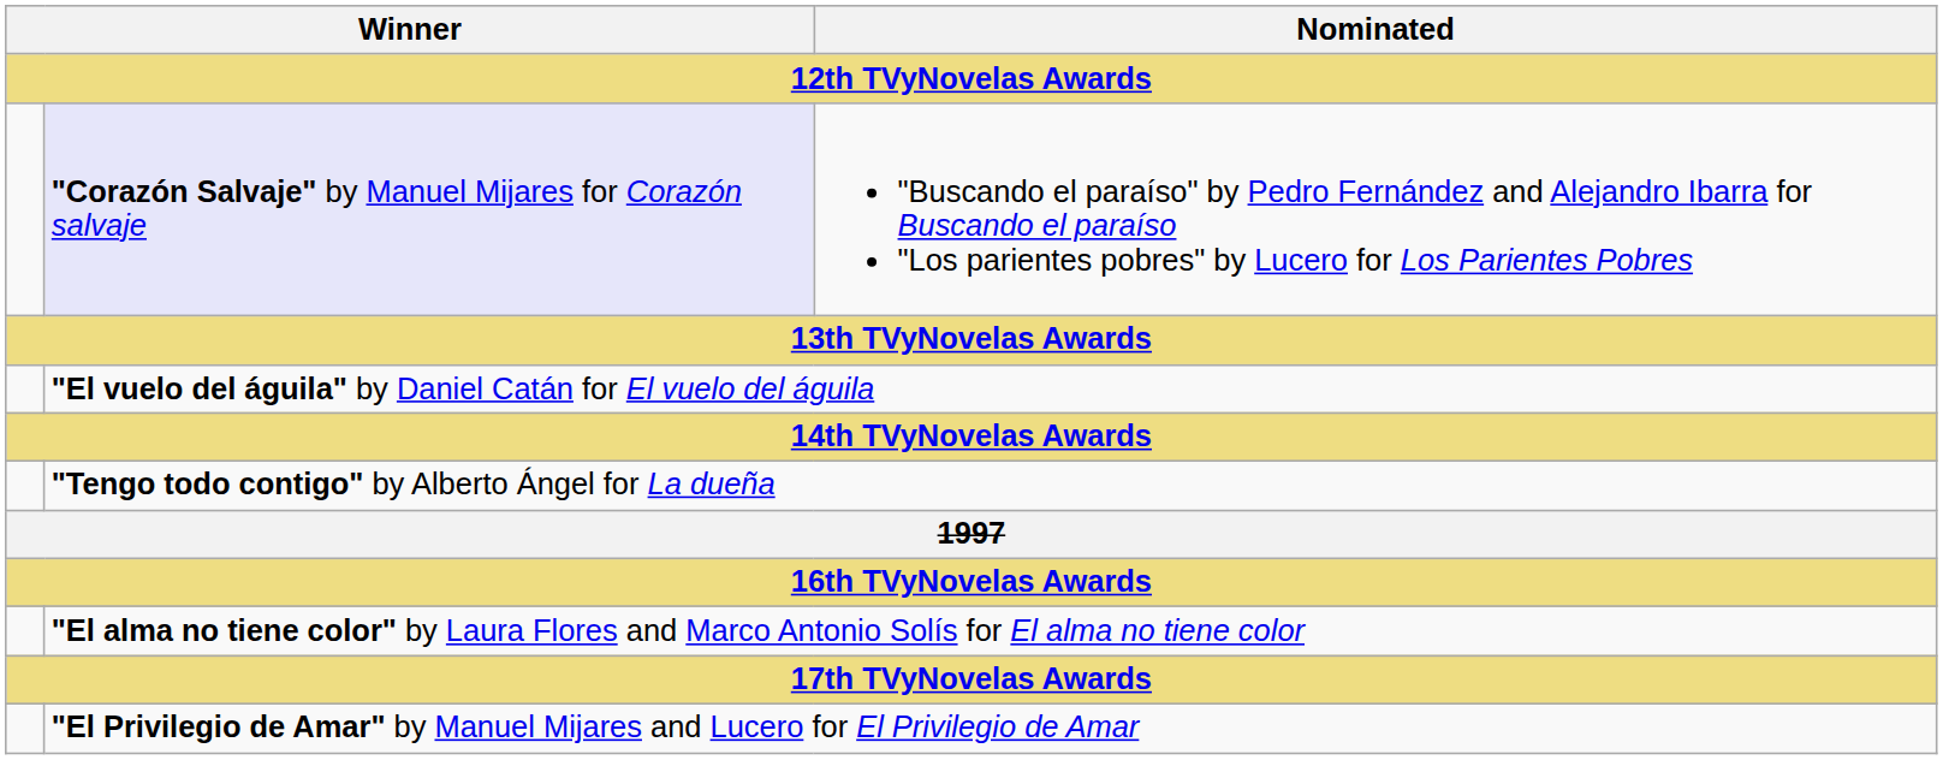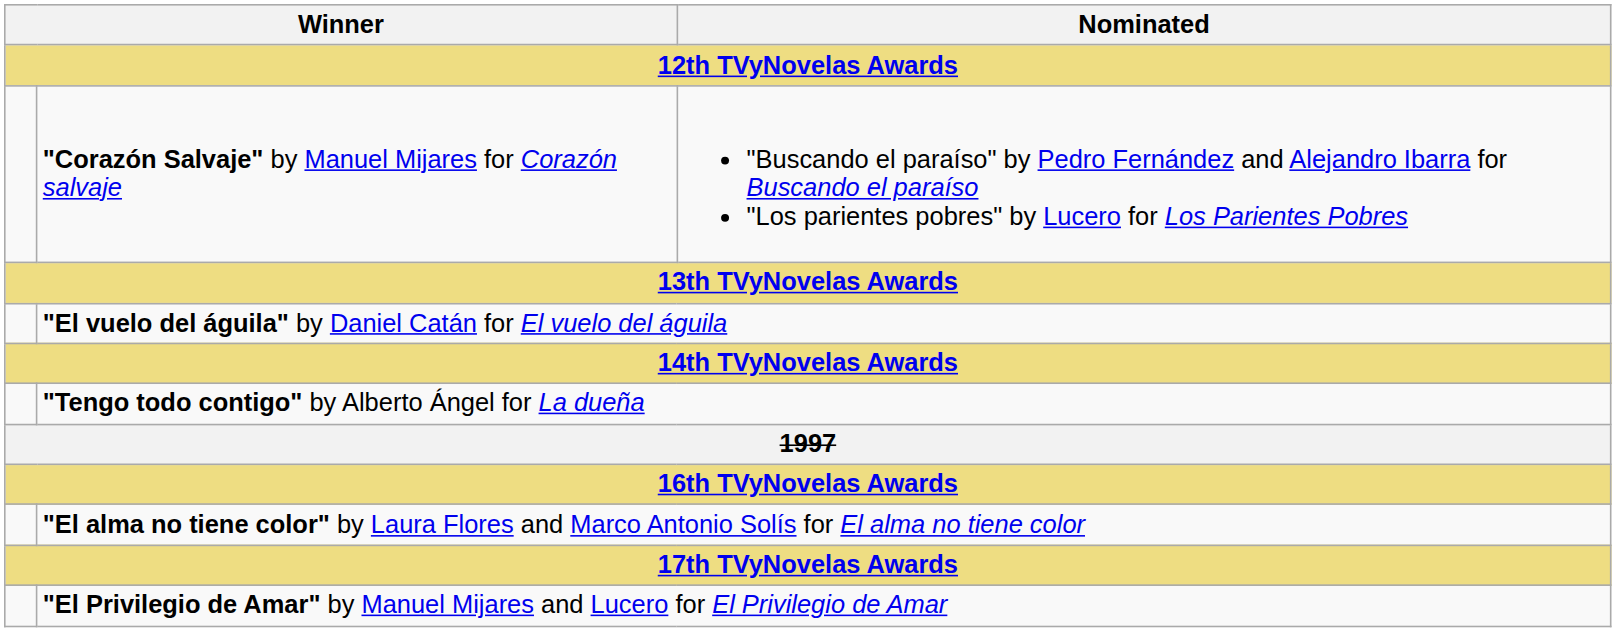 <table class="wikitable" width=80%>
 <tr align=center>
 <th width="150px;" colspan=2; align="center">Winner</th>
 <th width="580px;" align="center">Nominated</th>
 </tr>
 <tr>
 <th colspan=9 style="background:#EEDD82;"  align="center"><strong><a href='#'>12th TVyNovelas Awards</a></strong></th>
 </tr>
 <tr>
 <td width=2%></td>
-<td style="background: lavender;"><strong>"Corazón Salvaje"</strong> by <a href='#'>Manuel Mijares</a> for <em><a href='#'>Corazón salvaje</a></em></td>
+<td><strong>"Corazón Salvaje"</strong> by <a href='#'>Manuel Mijares</a> for <em><a href='#'>Corazón salvaje</a></em></td>
 <td><br><ul><li>"Buscando el paraíso" by <a href='#'>Pedro Fernández</a> and <a href='#'>Alejandro Ibarra</a> for <em><a href='#'>Buscando el paraíso</a></em></li><li>"Los parientes pobres" by <a href='#'>Lucero</a> for <em><a href='#'>Los Parientes Pobres</a></em></li></ul></td>
 </tr>
 <tr>
 <th colspan=9 style="background:#EEDD82;"  align="center"><strong><a href='#'>13th TVyNovelas Awards</a></strong></th>
 </tr>
 <tr>
 <td width=2%></td>
 <td colspan=2><strong>"El vuelo del águila"</strong> by <a href='#'>Daniel Catán</a> for <em><a href='#'>El vuelo del águila</a></em></td>
 </tr>
 <tr>
 <th colspan=9 style="background:#EEDD82;"  align="center"><strong><a href='#'>14th TVyNovelas Awards</a></strong></th>
 </tr>
 <tr>
 <td width=2%></td>
 <td colspan=2><strong>"Tengo todo contigo"</strong> by Alberto Ángel for <em><a href='#'>La dueña</a></em></td>
 </tr>
 <tr>
 <th colspan=9 align="center"><s>1997</s></th>
 </tr>
 <tr>
 <th colspan=9 style="background:#EEDD82;"  align="center"><strong><a href='#'>16th TVyNovelas Awards</a></strong></th>
 </tr>
 <tr>
 <td width=2%></td>
 <td colspan=2><strong>"El alma no tiene color"</strong> by <a href='#'>Laura Flores</a> and <a href='#'>Marco Antonio Solís</a> for <em><a href='#'>El alma no tiene color</a></em></td>
 </tr>
 <tr>
 <th colspan=9 style="background:#EEDD82;"  align="center"><strong><a href='#'>17th TVyNovelas Awards</a></strong></th>
 </tr>
 <tr>
 <td width=2%></td>
 <td colspan=2><strong>"El Privilegio de Amar"</strong> by <a href='#'>Manuel Mijares</a> and <a href='#'>Lucero</a> for <em><a href='#'>El Privilegio de Amar</a></em></td>
 </tr>
 </table>
